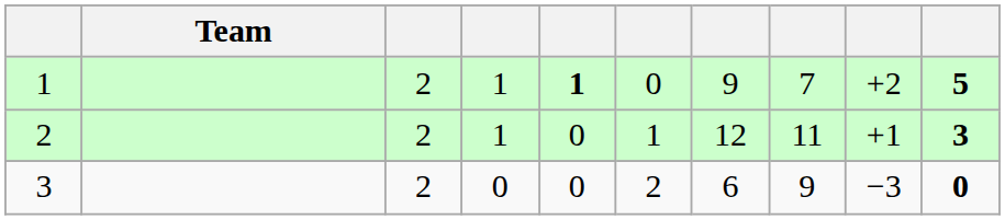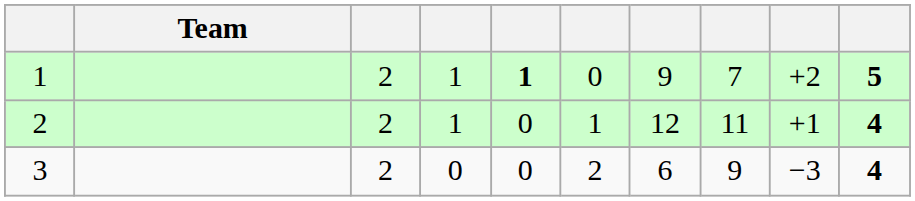 <table class="wikitable" style="text-align: center;">
 <tr>
 <th width="30"></th>
 <th width="140">Team</th>
 <th width="30"></th>
 <th width="30"></th>
 <th width="30"></th>
 <th width="30"></th>
 <th width="30"></th>
 <th width="30"></th>
 <th width="30"></th>
 <th width="30"></th>
 </tr>
 <tr align=center style="background:#ccffcc;">
 <td>1</td>
 <td style="text-align:left;"></td>
 <td>2</td>
 <td>1</td>
 <td><strong>1</strong></td>
 <td>0</td>
 <td>9</td>
 <td>7</td>
 <td>+2</td>
 <td><strong>5</strong></td>
 </tr>
 <tr align=center style="background:#ccffcc;">
 <td>2</td>
 <td style="text-align:left;"></td>
 <td>2</td>
 <td>1</td>
 <td>0</td>
 <td>1</td>
 <td>12</td>
 <td>11</td>
 <td>+1</td>
-<td><strong>3</strong></td>
+<td><strong>4</strong></td>
 </tr>
 <tr align=center style="background:">
 <td>3</td>
 <td style="text-align:left;"></td>
 <td>2</td>
 <td>0</td>
 <td>0</td>
 <td>2</td>
 <td>6</td>
 <td>9</td>
 <td>−3</td>
-<td><strong>0</strong></td>
+<td><strong>4</strong></td>
 </tr>
 </table>
